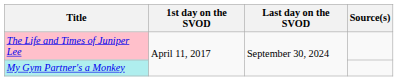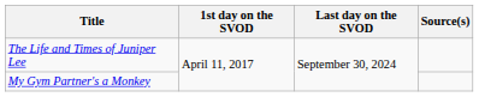 <table class="wikitable sortable">
 <tr>
 <th>Title</th>
 <th>1st day on the SVOD</th>
 <th>Last day on the SVOD</th>
 <th>Source(s)</th>
 </tr>
 <tr>
-<td style="background: pink;"><em><a href='#'>The Life and Times of Juniper Lee</a></em></td>
+<td><em><a href='#'>The Life and Times of Juniper Lee</a></em></td>
 <td rowspan=2>April 11, 2017</td>
 <td rowspan="2">September 30, 2024</td>
 <td></td>
 </tr>
 <tr>
-<td style="background: paleturquoise;"><em><a href='#'>My Gym Partner's a Monkey</a></em></td>
+<td><em><a href='#'>My Gym Partner's a Monkey</a></em></td>
 <td></td>
 </tr>
 </table>
